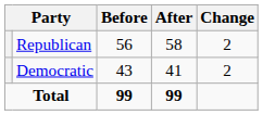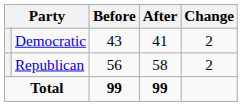 <table class="wikitable" style="text-align:center;">
 <tr>
 <th colspan="2">Party</th>
 <th>Before</th>
 <th>After</th>
 <th>Change</th>
 </tr>
 <tr>
 <th style="background-color:"></th>
-<td style="text-align:left;"><a href='#'>Republican</a></td>
-<td>56</td>
-<td>58</td>
+<td style="text-align:left;"><a href='#'>Democratic</a></td>
+<td>43</td>
+<td>41</td>
 <td> 2</td>
 </tr>
 <tr>
 <th style="background-color:"></th>
-<td style="text-align:left;"><a href='#'>Democratic</a></td>
-<td>43</td>
-<td>41</td>
+<td style="text-align:left;"><a href='#'>Republican</a></td>
+<td>56</td>
+<td>58</td>
 <td> 2</td>
 </tr>
 <tr>
 <td colspan="2"><strong>Total</strong></td>
 <td><strong>99</strong></td>
 <td><strong>99</strong></td>
 <td></td>
 </tr>
 </table>
